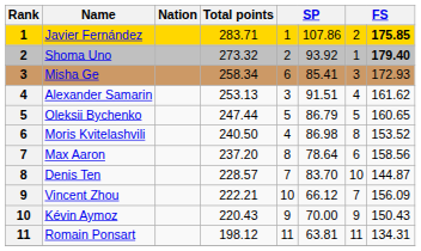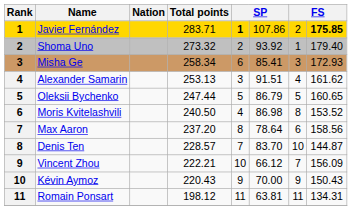 <table class="wikitable sortable">
 <tr>
 <th>Rank</th>
 <th>Name</th>
 <th>Nation</th>
 <th>Total points</th>
 <th colspan="2" width="80px"><a href='#'>SP</a></th>
 <th colspan="2" width="80px"><a href='#'>FS</a></th>
 </tr>
 <tr bgcolor="gold">
 <td align="center"><strong>1</strong></td>
 <td><a href='#'>Javier Fernández</a></td>
 <td></td>
 <td align="center">283.71</td>
-<td align="center">1</td>
+<td align="center"><strong>1</strong></td>
 <td align="center">107.86</td>
 <td align="center">2</td>
 <td align="center"><strong>175.85</strong></td>
 </tr>
 <tr bgcolor="silver">
 <td align="center"><strong>2</strong></td>
 <td><a href='#'>Shoma Uno</a></td>
 <td></td>
 <td align="center">273.32</td>
 <td align="center">2</td>
 <td align="center">93.92</td>
 <td align="center">1</td>
-<td align="center"><strong>179.40</strong></td>
+<td align="center">179.40</td>
 </tr>
 <tr bgcolor="cc9966">
 <td align="center"><strong>3</strong></td>
 <td><a href='#'>Misha Ge</a></td>
 <td></td>
 <td align="center">258.34</td>
 <td align="center">6</td>
 <td align="center">85.41</td>
 <td align="center">3</td>
 <td align="center">172.93</td>
 </tr>
 <tr>
 <th>4</th>
 <td><a href='#'>Alexander Samarin</a></td>
 <td></td>
 <td align="center">253.13</td>
 <td align="center">3</td>
 <td align="center">91.51</td>
 <td align="center">4</td>
 <td align="center">161.62</td>
 </tr>
 <tr>
 <th>5</th>
 <td><a href='#'>Oleksii Bychenko</a></td>
 <td></td>
 <td align="center">247.44</td>
 <td align="center">5</td>
 <td align="center">86.79</td>
 <td align="center">5</td>
 <td align="center">160.65</td>
 </tr>
 <tr>
 <th>6</th>
 <td><a href='#'>Moris Kvitelashvili</a></td>
 <td></td>
 <td align="center">240.50</td>
 <td align="center">4</td>
 <td align="center">86.98</td>
 <td align="center">8</td>
 <td align="center">153.52</td>
 </tr>
 <tr>
 <th>7</th>
 <td><a href='#'>Max Aaron</a></td>
 <td></td>
 <td align="center">237.20</td>
 <td align="center">8</td>
 <td align="center">78.64</td>
 <td align="center">6</td>
 <td align="center">158.56</td>
 </tr>
 <tr>
 <th>8</th>
 <td><a href='#'>Denis Ten</a></td>
 <td></td>
 <td align="center">228.57</td>
 <td align="center">7</td>
 <td align="center">83.70</td>
 <td align="center">10</td>
 <td align="center">144.87</td>
 </tr>
 <tr>
 <th>9</th>
 <td><a href='#'>Vincent Zhou</a></td>
 <td></td>
 <td align="center">222.21</td>
 <td align="center">10</td>
 <td align="center">66.12</td>
 <td align="center">7</td>
 <td align="center">156.09</td>
 </tr>
 <tr>
 <th>10</th>
 <td><a href='#'>Kévin Aymoz</a></td>
 <td></td>
 <td align="center">220.43</td>
 <td align="center">9</td>
 <td align="center">70.00</td>
 <td align="center">9</td>
 <td align="center">150.43</td>
 </tr>
 <tr>
 <th>11</th>
 <td><a href='#'>Romain Ponsart</a></td>
 <td></td>
 <td align="center">198.12</td>
 <td align="center">11</td>
 <td align="center">63.81</td>
 <td align="center">11</td>
 <td align="center">134.31</td>
 </tr>
 <tr>
 </tr>
 </table>
